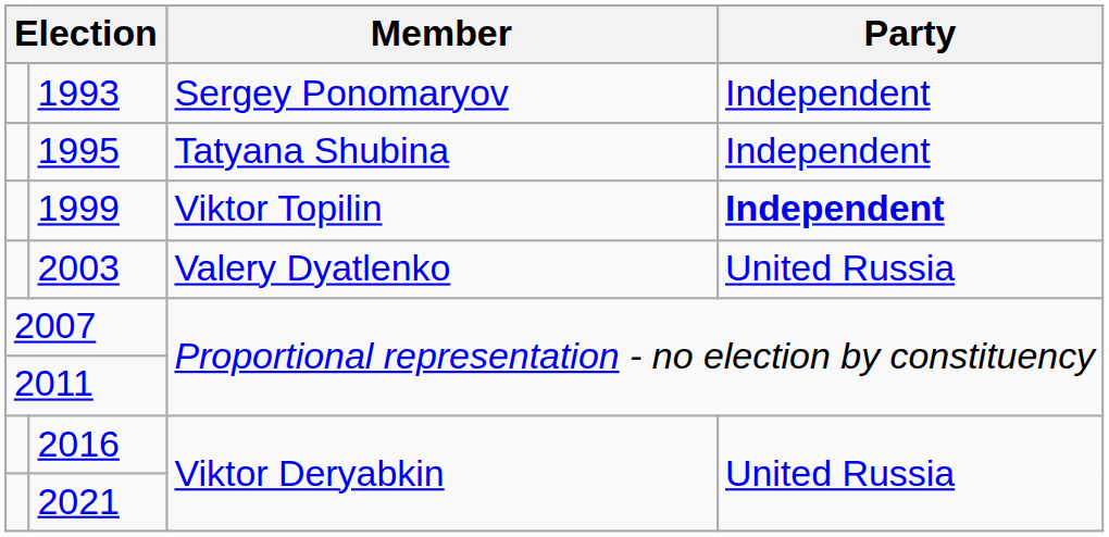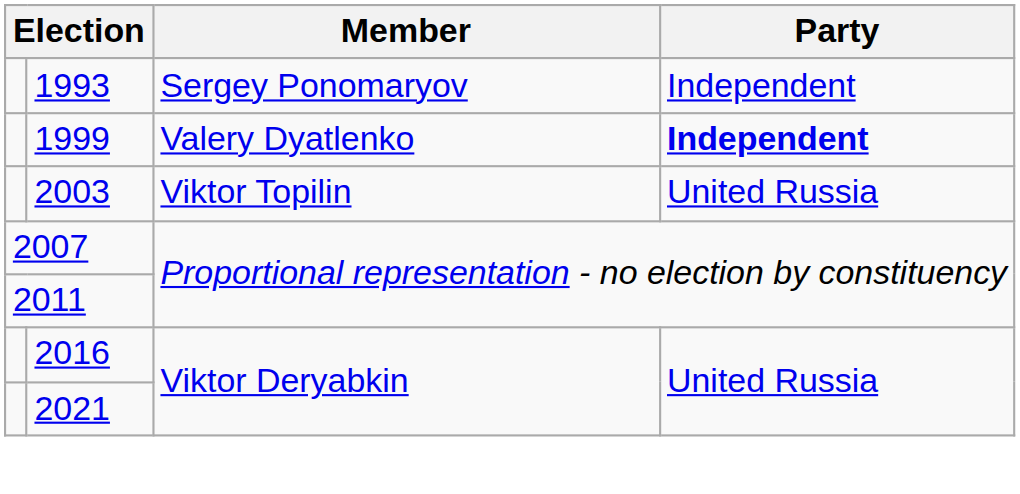 <table class="wikitable">
 <tr>
 <th colspan="2">Election</th>
 <th>Member</th>
 <th>Party</th>
 </tr>
 <tr>
 <td style="background-color:"></td>
 <td><a href='#'>1993</a></td>
 <td><a href='#'>Sergey Ponomaryov</a></td>
 <td><a href='#'>Independent</a></td>
 </tr>
 <tr>
 <td style="background-color:"></td>
-<td><a href='#'>1995</a></td>
-<td><a href='#'>Tatyana Shubina</a></td>
-<td><a href='#'>Independent</a></td>
-</tr>
-<tr>
-<td style="background-color:"></td>
 <td><a href='#'>1999</a></td>
-<td><a href='#'>Viktor Topilin</a></td>
+<td><a href='#'>Valery Dyatlenko</a></td>
 <td><strong><a href='#'>Independent</a></strong></td>
 </tr>
 <tr>
 <td style="background-color:"></td>
 <td><a href='#'>2003</a></td>
-<td><a href='#'>Valery Dyatlenko</a></td>
+<td><a href='#'>Viktor Topilin</a></td>
 <td><a href='#'>United Russia</a></td>
 </tr>
 <tr>
 <td colspan=2><a href='#'>2007</a></td>
 <td colspan=2 rowspan=2><em><a href='#'>Proportional representation</a> - no election by constituency</em></td>
 </tr>
 <tr>
 <td colspan=2><a href='#'>2011</a></td>
 </tr>
 <tr>
 <td style="background-color: "></td>
 <td><a href='#'>2016</a></td>
 <td rowspan=2><a href='#'>Viktor Deryabkin</a></td>
 <td rowspan=2><a href='#'>United Russia</a></td>
 </tr>
 <tr>
 <td style="background-color: "></td>
 <td><a href='#'>2021</a></td>
 </tr>
 </table>
